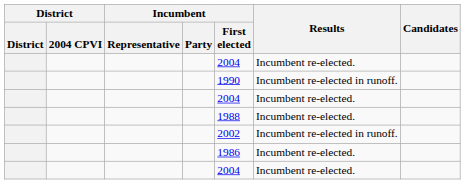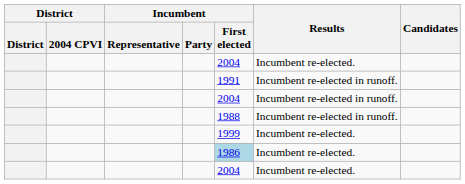 <table class="wikitable sortable">
 <tr>
 <th colspan=2>District</th>
 <th colspan=3>Incumbent</th>
 <th rowspan=2>Results</th>
 <th rowspan=2>Candidates</th>
 </tr>
 <tr valign=bottom>
 <th>District</th>
 <th>2004 CPVI</th>
 <th>Representative</th>
 <th>Party</th>
 <th>First<br>elected</th>
 </tr>
 <tr>
 <th></th>
 <td></td>
 <td></td>
 <td></td>
 <td><a href='#'>2004</a></td>
 <td>Incumbent re-elected.</td>
 <td nowrap></td>
 </tr>
 <tr>
 <th></th>
 <td></td>
 <td></td>
 <td></td>
-<td><a href='#'>1990</a></td>
+<td><a href='#'>1991</a></td>
 <td>Incumbent re-elected in runoff.</td>
 <td nowrap></td>
 </tr>
 <tr>
 <th></th>
 <td></td>
 <td></td>
 <td></td>
 <td><a href='#'>2004</a></td>
+<td>Incumbent re-elected in runoff.</td>
+<td nowrap></td>
+</tr>
+<tr>
+<th></th>
+<td></td>
+<td></td>
+<td></td>
+<td><a href='#'>1988</a></td>
+<td>Incumbent re-elected in runoff.</td>
+<td nowrap></td>
+</tr>
+<tr>
+<th></th>
+<td></td>
+<td></td>
+<td></td>
+<td><a href='#'>1999</a></td>
 <td>Incumbent re-elected.</td>
 <td nowrap></td>
 </tr>
 <tr>
 <th></th>
 <td></td>
 <td></td>
 <td></td>
-<td><a href='#'>1988</a></td>
-<td>Incumbent re-elected.</td>
-<td nowrap></td>
-</tr>
-<tr>
-<th></th>
-<td></td>
-<td></td>
-<td></td>
-<td><a href='#'>2002</a></td>
-<td>Incumbent re-elected in runoff.</td>
-<td nowrap></td>
-</tr>
-<tr>
-<th></th>
-<td></td>
-<td></td>
-<td></td>
-<td><a href='#'>1986</a></td>
+<td style="background: lightblue;"><a href='#'>1986</a></td>
 <td>Incumbent re-elected.</td>
 <td nowrap></td>
 </tr>
 <tr>
 <th></th>
 <td></td>
 <td></td>
 <td></td>
 <td><a href='#'>2004</a></td>
 <td>Incumbent re-elected.</td>
 <td nowrap></td>
 </tr>
 </table>
